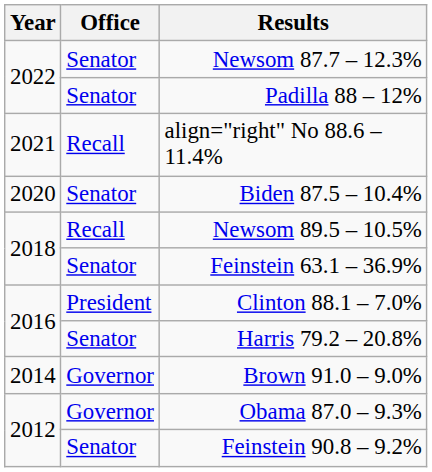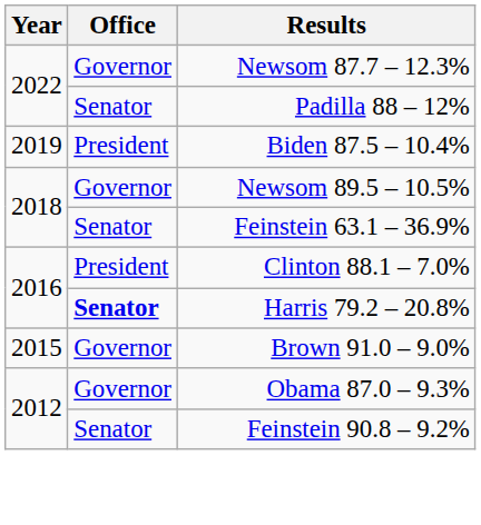 <table class=wikitable>
 <tr>
 <th width="30">Year</th>
 <th width="60">Office</th>
 <th width="180">Results</th>
 </tr>
 <tr>
 <td rowspan="2">2022</td>
-<td><a href='#'>Senator</a></td>
+<td><a href='#'>Governor</a></td>
 <td align="right" ><a href='#'>Newsom</a> 87.7 – 12.3%</td>
 </tr>
 <tr>
 <td><a href='#'>Senator</a></td>
 <td align="right" ><a href='#'>Padilla</a> 88 – 12%</td>
 </tr>
 <tr>
-<td>2021</td>
-<td><a href='#'>Recall</a></td>
-<td>align="right"  No 88.6 – 11.4%</td>
-</tr>
-<tr>
-<td>2020</td>
-<td><a href='#'>Senator</a></td>
+<td>2019</td>
+<td><a href='#'>President</a></td>
 <td align="right" ><a href='#'>Biden</a> 87.5 – 10.4%</td>
 </tr>
 <tr>
 <td rowspan="2">2018</td>
-<td><a href='#'>Recall</a></td>
+<td><a href='#'>Governor</a></td>
 <td align="right" ><a href='#'>Newsom</a> 89.5 – 10.5%</td>
 </tr>
 <tr>
 <td><a href='#'>Senator</a></td>
 <td align="right" ><a href='#'>Feinstein</a> 63.1 – 36.9%</td>
 </tr>
 <tr>
 <td rowspan="2">2016</td>
 <td><a href='#'>President</a></td>
 <td align="right" ><a href='#'>Clinton</a> 88.1 – 7.0%</td>
 </tr>
 <tr>
-<td><a href='#'>Senator</a></td>
+<td><strong><a href='#'>Senator</a></strong></td>
 <td align="right" ><a href='#'>Harris</a> 79.2 – 20.8%</td>
 </tr>
 <tr>
-<td>2014</td>
+<td>2015</td>
 <td><a href='#'>Governor</a></td>
 <td align="right" ><a href='#'>Brown</a> 91.0 – 9.0%</td>
 </tr>
 <tr>
 <td rowspan="2">2012</td>
 <td><a href='#'>Governor</a></td>
 <td align="right" ><a href='#'>Obama</a> 87.0 – 9.3%</td>
 </tr>
 <tr>
 <td><a href='#'>Senator</a></td>
 <td align="right" ><a href='#'>Feinstein</a> 90.8 – 9.2%</td>
 </tr>
 </table>
